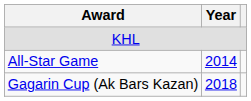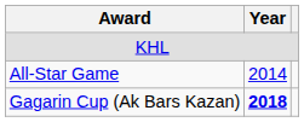 <table class="wikitable">
 <tr>
 <th>Award</th>
 <th>Year</th>
 <th></th>
 </tr>
 <tr ALIGN="center" bgcolor="#e0e0e0">
 <td colspan="3"><a href='#'>KHL</a></td>
 </tr>
 <tr>
 <td><a href='#'>All-Star Game</a></td>
 <td><a href='#'>2014</a></td>
 <td></td>
 </tr>
 <tr>
 <td><a href='#'>Gagarin Cup</a> (Ak Bars Kazan)</td>
-<td><a href='#'>2018</a></td>
+<td><strong><a href='#'>2018</a></strong></td>
 <td></td>
 </tr>
 </table>
